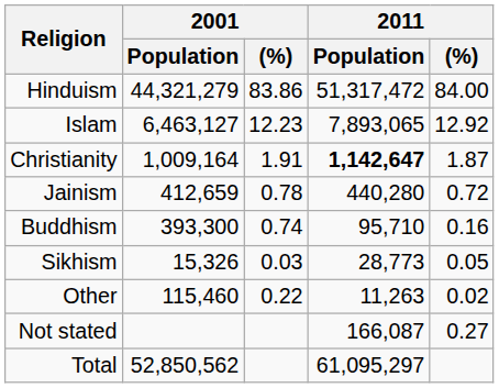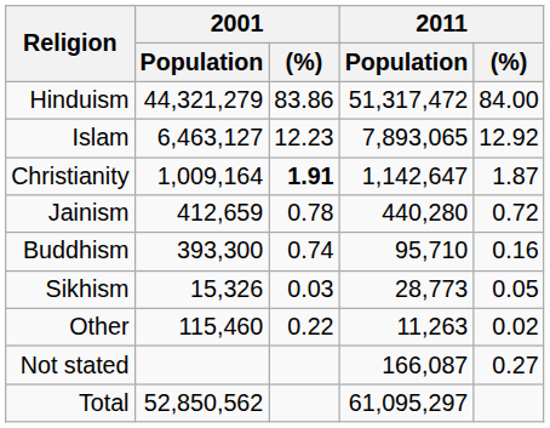 <table class="wikitable sortable"  style="text-align: right;">
 <tr>
 <th rowspan="2">Religion</th>
 <th colspan="2">2001</th>
 <th colspan="2">2011</th>
 </tr>
 <tr>
 <th>Population</th>
 <th>(%)</th>
 <th>Population</th>
 <th>(%)</th>
 </tr>
 <tr>
 <td>Hinduism</td>
 <td>44,321,279</td>
 <td>83.86</td>
 <td>51,317,472</td>
 <td>84.00</td>
 </tr>
 <tr>
 <td>Islam</td>
 <td>6,463,127</td>
 <td>12.23</td>
 <td>7,893,065</td>
 <td>12.92</td>
 </tr>
 <tr>
 <td>Christianity</td>
 <td>1,009,164</td>
-<td>1.91</td>
-<td><strong>1,142,647</strong></td>
+<td><strong>1.91</strong></td>
+<td>1,142,647</td>
 <td>1.87</td>
 </tr>
 <tr>
 <td>Jainism</td>
 <td>412,659</td>
 <td>0.78</td>
 <td>440,280</td>
 <td>0.72</td>
 </tr>
 <tr>
 <td>Buddhism</td>
 <td>393,300</td>
 <td>0.74</td>
 <td>95,710</td>
 <td>0.16</td>
 </tr>
 <tr>
 <td>Sikhism</td>
 <td>15,326</td>
 <td>0.03</td>
 <td>28,773</td>
 <td>0.05</td>
 </tr>
 <tr>
 <td>Other</td>
 <td>115,460</td>
 <td>0.22</td>
 <td>11,263</td>
 <td>0.02</td>
 </tr>
 <tr>
 <td>Not stated</td>
 <td></td>
 <td></td>
 <td>166,087</td>
 <td>0.27</td>
 </tr>
 <tr>
 <td>Total</td>
 <td>52,850,562</td>
 <td></td>
 <td>61,095,297</td>
 <td></td>
 </tr>
 </table>
